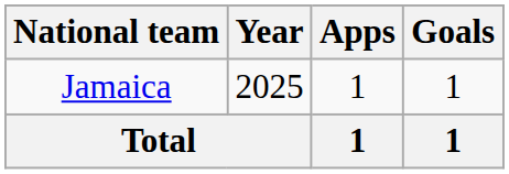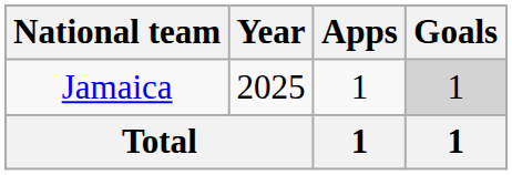 <table class="wikitable" style="text-align:center">
 <tr>
 <th>National team</th>
 <th>Year</th>
 <th>Apps</th>
 <th>Goals</th>
 </tr>
 <tr>
 <td rowspan="1"><a href='#'>Jamaica</a></td>
 <td>2025</td>
 <td>1</td>
-<td>1</td>
+<td style="background: lightgrey;">1</td>
 </tr>
 <tr>
 <th colspan="2">Total</th>
 <th>1</th>
 <th>1</th>
 </tr>
 </table>
